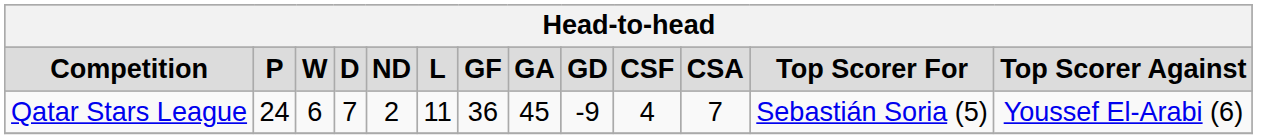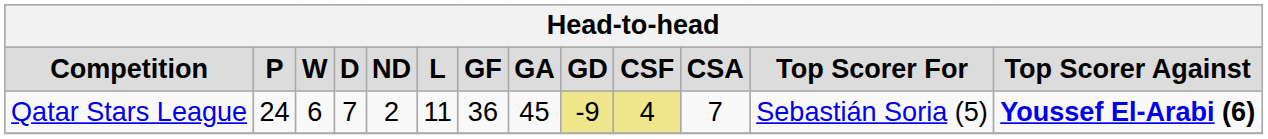 <table class="wikitable sortable" style="text-align:center">
 <tr>
 <th colspan=13>Head-to-head</th>
 </tr>
 <tr>
 <th style="background:#DCDCDC">Competition</th>
 <th style="background:#DCDCDC">P</th>
 <th style="background:#DCDCDC">W</th>
 <th style="background:#DCDCDC">D</th>
 <th style="background:#DCDCDC">ND</th>
 <th style="background:#DCDCDC">L</th>
 <th style="background:#DCDCDC">GF</th>
 <th style="background:#DCDCDC">GA</th>
 <th style="background:#DCDCDC">GD</th>
 <th style="background:#DCDCDC">CSF</th>
 <th style="background:#DCDCDC">CSA</th>
 <th style="background:#DCDCDC">Top Scorer For</th>
 <th style="background:#DCDCDC">Top Scorer Against</th>
 </tr>
 <tr>
 <td align=left><a href='#'>Qatar Stars League</a></td>
 <td>24</td>
 <td>6</td>
 <td>7</td>
 <td>2</td>
 <td>11</td>
 <td>36</td>
 <td>45</td>
-<td>-9</td>
-<td>4</td>
+<td style="background: khaki;">-9</td>
+<td style="background: khaki;">4</td>
 <td>7</td>
 <td><a href='#'>Sebastián Soria</a> (5)</td>
-<td><a href='#'>Youssef El-Arabi</a> (6)</td>
+<td><strong><a href='#'>Youssef El-Arabi</a> (6)</strong></td>
 </tr>
 <tr>
 </tr>
 </table>
